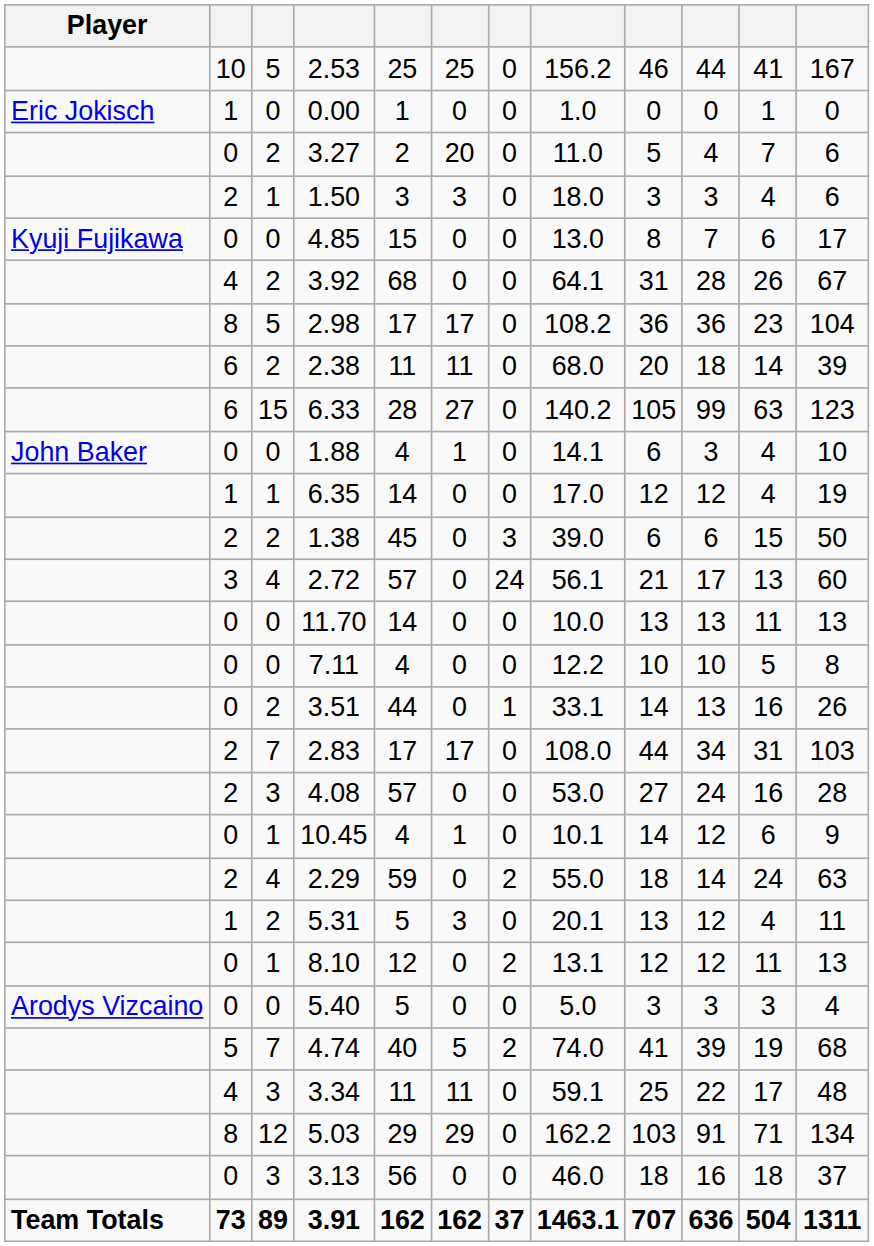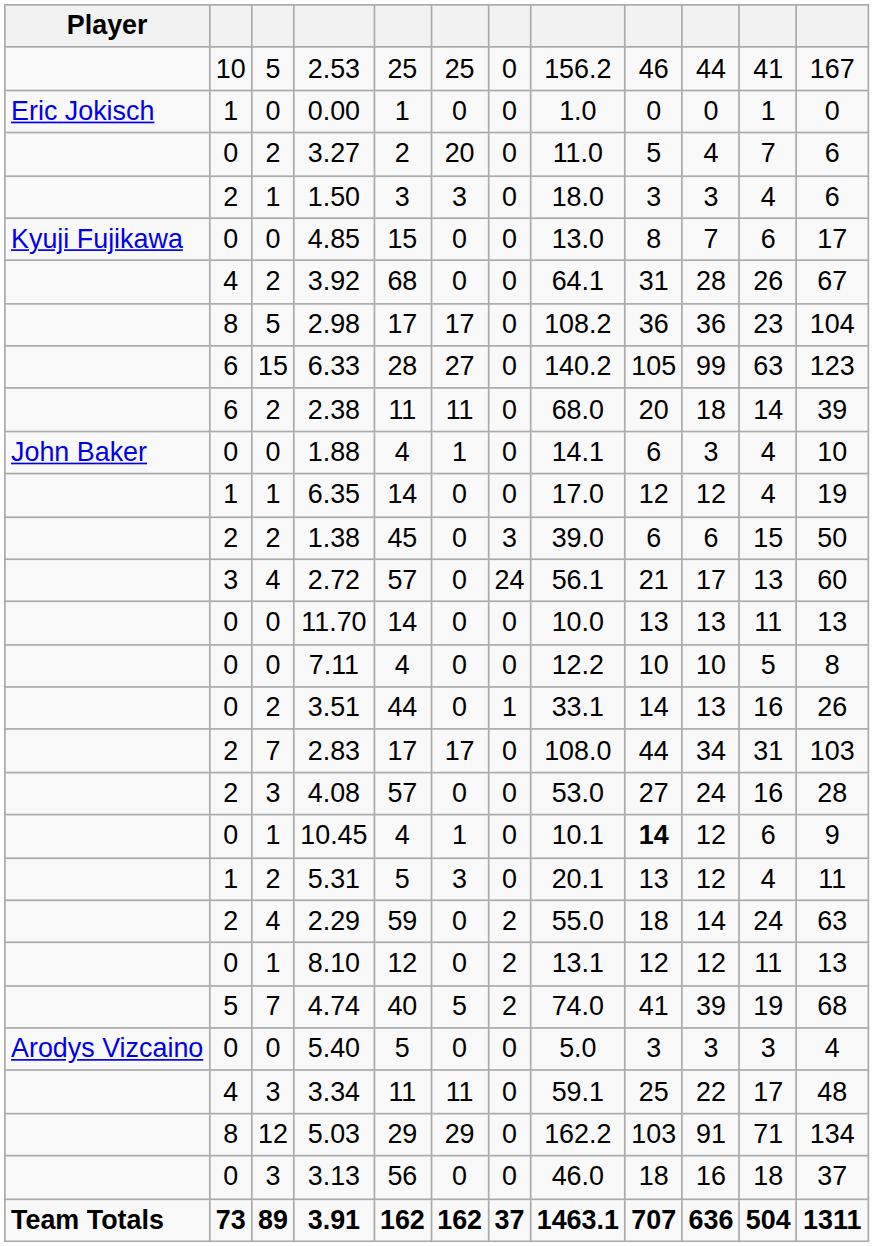 <table class="wikitable sortable" style="text-align:center;">
 <tr>
 <th>Player</th>
 <th></th>
 <th></th>
 <th></th>
 <th></th>
 <th></th>
 <th></th>
 <th></th>
 <th></th>
 <th></th>
 <th></th>
 <th></th>
 </tr>
 <tr>
 <td align=left></td>
 <td>10</td>
 <td>5</td>
 <td>2.53</td>
 <td>25</td>
 <td>25</td>
 <td>0</td>
 <td>156.2</td>
 <td>46</td>
 <td>44</td>
 <td>41</td>
 <td>167</td>
 </tr>
 <tr>
 <td align=left><a href='#'>Eric Jokisch</a></td>
 <td>1</td>
 <td>0</td>
 <td>0.00</td>
 <td>1</td>
 <td>0</td>
 <td>0</td>
 <td>1.0</td>
 <td>0</td>
 <td>0</td>
 <td>1</td>
 <td>0</td>
 </tr>
 <tr>
 <td align=left></td>
 <td>0</td>
 <td>2</td>
 <td>3.27</td>
 <td>2</td>
 <td>20</td>
 <td>0</td>
 <td>11.0</td>
 <td>5</td>
 <td>4</td>
 <td>7</td>
 <td>6</td>
 </tr>
 <tr>
 <td align=left></td>
 <td>2</td>
 <td>1</td>
 <td>1.50</td>
 <td>3</td>
 <td>3</td>
 <td>0</td>
 <td>18.0</td>
 <td>3</td>
 <td>3</td>
 <td>4</td>
 <td>6</td>
 </tr>
 <tr>
 <td align=left><a href='#'>Kyuji Fujikawa</a></td>
 <td>0</td>
 <td>0</td>
 <td>4.85</td>
 <td>15</td>
 <td>0</td>
 <td>0</td>
 <td>13.0</td>
 <td>8</td>
 <td>7</td>
 <td>6</td>
 <td>17</td>
 </tr>
 <tr>
 <td align=left></td>
 <td>4</td>
 <td>2</td>
 <td>3.92</td>
 <td>68</td>
 <td>0</td>
 <td>0</td>
 <td>64.1</td>
 <td>31</td>
 <td>28</td>
 <td>26</td>
 <td>67</td>
 </tr>
 <tr>
 <td align=left></td>
 <td>8</td>
 <td>5</td>
 <td>2.98</td>
 <td>17</td>
 <td>17</td>
 <td>0</td>
 <td>108.2</td>
 <td>36</td>
 <td>36</td>
 <td>23</td>
 <td>104</td>
 </tr>
 <tr>
 <td align=left></td>
 <td>6</td>
+<td>15</td>
+<td>6.33</td>
+<td>28</td>
+<td>27</td>
+<td>0</td>
+<td>140.2</td>
+<td>105</td>
+<td>99</td>
+<td>63</td>
+<td>123</td>
+</tr>
+<tr>
+<td align=left></td>
+<td>6</td>
 <td>2</td>
 <td>2.38</td>
 <td>11</td>
 <td>11</td>
 <td>0</td>
 <td>68.0</td>
 <td>20</td>
 <td>18</td>
 <td>14</td>
 <td>39</td>
-</tr>
-<tr>
-<td align=left></td>
-<td>6</td>
-<td>15</td>
-<td>6.33</td>
-<td>28</td>
-<td>27</td>
-<td>0</td>
-<td>140.2</td>
-<td>105</td>
-<td>99</td>
-<td>63</td>
-<td>123</td>
 </tr>
 <tr>
 <td align=left><a href='#'>John Baker</a></td>
 <td>0</td>
 <td>0</td>
 <td>1.88</td>
 <td>4</td>
 <td>1</td>
 <td>0</td>
 <td>14.1</td>
 <td>6</td>
 <td>3</td>
 <td>4</td>
 <td>10</td>
 </tr>
 <tr>
 <td align=left></td>
 <td>1</td>
 <td>1</td>
 <td>6.35</td>
 <td>14</td>
 <td>0</td>
 <td>0</td>
 <td>17.0</td>
 <td>12</td>
 <td>12</td>
 <td>4</td>
 <td>19</td>
 </tr>
 <tr>
 <td align=left></td>
 <td>2</td>
 <td>2</td>
 <td>1.38</td>
 <td>45</td>
 <td>0</td>
 <td>3</td>
 <td>39.0</td>
 <td>6</td>
 <td>6</td>
 <td>15</td>
 <td>50</td>
 </tr>
 <tr>
 <td align=left></td>
 <td>3</td>
 <td>4</td>
 <td>2.72</td>
 <td>57</td>
 <td>0</td>
 <td>24</td>
 <td>56.1</td>
 <td>21</td>
 <td>17</td>
 <td>13</td>
 <td>60</td>
 </tr>
 <tr>
 <td align=left></td>
 <td>0</td>
 <td>0</td>
 <td>11.70</td>
 <td>14</td>
 <td>0</td>
 <td>0</td>
 <td>10.0</td>
 <td>13</td>
 <td>13</td>
 <td>11</td>
 <td>13</td>
 </tr>
 <tr>
 <td align=left></td>
 <td>0</td>
 <td>0</td>
 <td>7.11</td>
 <td>4</td>
 <td>0</td>
 <td>0</td>
 <td>12.2</td>
 <td>10</td>
 <td>10</td>
 <td>5</td>
 <td>8</td>
 </tr>
 <tr>
 <td align=left></td>
 <td>0</td>
 <td>2</td>
 <td>3.51</td>
 <td>44</td>
 <td>0</td>
 <td>1</td>
 <td>33.1</td>
 <td>14</td>
 <td>13</td>
 <td>16</td>
 <td>26</td>
 </tr>
 <tr>
 <td align=left></td>
 <td>2</td>
 <td>7</td>
 <td>2.83</td>
 <td>17</td>
 <td>17</td>
 <td>0</td>
 <td>108.0</td>
 <td>44</td>
 <td>34</td>
 <td>31</td>
 <td>103</td>
 </tr>
 <tr>
 <td align=left></td>
 <td>2</td>
 <td>3</td>
 <td>4.08</td>
 <td>57</td>
 <td>0</td>
 <td>0</td>
 <td>53.0</td>
 <td>27</td>
 <td>24</td>
 <td>16</td>
 <td>28</td>
 </tr>
 <tr>
 <td align=left></td>
 <td>0</td>
 <td>1</td>
 <td>10.45</td>
 <td>4</td>
 <td>1</td>
 <td>0</td>
 <td>10.1</td>
-<td>14</td>
+<td><strong>14</strong></td>
 <td>12</td>
 <td>6</td>
 <td>9</td>
+</tr>
+<tr>
+<td align=left></td>
+<td>1</td>
+<td>2</td>
+<td>5.31</td>
+<td>5</td>
+<td>3</td>
+<td>0</td>
+<td>20.1</td>
+<td>13</td>
+<td>12</td>
+<td>4</td>
+<td>11</td>
 </tr>
 <tr>
 <td align=left></td>
 <td>2</td>
 <td>4</td>
 <td>2.29</td>
 <td>59</td>
 <td>0</td>
 <td>2</td>
 <td>55.0</td>
 <td>18</td>
 <td>14</td>
 <td>24</td>
 <td>63</td>
 </tr>
 <tr>
 <td align=left></td>
-<td>1</td>
-<td>2</td>
-<td>5.31</td>
-<td>5</td>
-<td>3</td>
-<td>0</td>
-<td>20.1</td>
-<td>13</td>
-<td>12</td>
-<td>4</td>
-<td>11</td>
-</tr>
-<tr>
-<td align=left></td>
 <td>0</td>
 <td>1</td>
 <td>8.10</td>
 <td>12</td>
 <td>0</td>
 <td>2</td>
 <td>13.1</td>
 <td>12</td>
 <td>12</td>
 <td>11</td>
 <td>13</td>
+</tr>
+<tr>
+<td align=left></td>
+<td>5</td>
+<td>7</td>
+<td>4.74</td>
+<td>40</td>
+<td>5</td>
+<td>2</td>
+<td>74.0</td>
+<td>41</td>
+<td>39</td>
+<td>19</td>
+<td>68</td>
 </tr>
 <tr>
 <td align=left><a href='#'>Arodys Vizcaino</a></td>
 <td>0</td>
 <td>0</td>
 <td>5.40</td>
 <td>5</td>
 <td>0</td>
 <td>0</td>
 <td>5.0</td>
 <td>3</td>
 <td>3</td>
 <td>3</td>
 <td>4</td>
-</tr>
-<tr>
-<td align=left></td>
-<td>5</td>
-<td>7</td>
-<td>4.74</td>
-<td>40</td>
-<td>5</td>
-<td>2</td>
-<td>74.0</td>
-<td>41</td>
-<td>39</td>
-<td>19</td>
-<td>68</td>
 </tr>
 <tr>
 <td align=left></td>
 <td>4</td>
 <td>3</td>
 <td>3.34</td>
 <td>11</td>
 <td>11</td>
 <td>0</td>
 <td>59.1</td>
 <td>25</td>
 <td>22</td>
 <td>17</td>
 <td>48</td>
 </tr>
 <tr>
 <td align=left></td>
 <td>8</td>
 <td>12</td>
 <td>5.03</td>
 <td>29</td>
 <td>29</td>
 <td>0</td>
 <td>162.2</td>
 <td>103</td>
 <td>91</td>
 <td>71</td>
 <td>134</td>
 </tr>
 <tr>
 <td align=left></td>
 <td>0</td>
 <td>3</td>
 <td>3.13</td>
 <td>56</td>
 <td>0</td>
 <td>0</td>
 <td>46.0</td>
 <td>18</td>
 <td>16</td>
 <td>18</td>
 <td>37</td>
 </tr>
 <tr>
 <td align=left><strong>Team Totals</strong></td>
 <td><strong>73</strong></td>
 <td><strong>89</strong></td>
 <td><strong>3.91</strong></td>
 <td><strong>162</strong></td>
 <td><strong>162</strong></td>
 <td><strong>37</strong></td>
 <td><strong>1463.1</strong></td>
 <td><strong>707</strong></td>
 <td><strong>636</strong></td>
 <td><strong>504</strong></td>
 <td><strong>1311</strong></td>
 </tr>
 </table>
